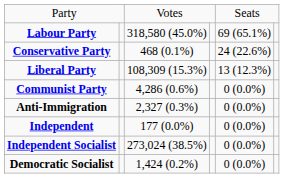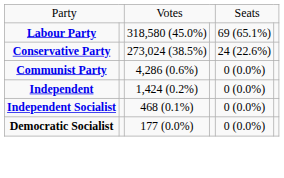 <table class=wikitable style="text-align:center;">
 <tr>
 <td colspan=2>Party</td>
 <td colspan=2>Votes</td>
 <td colspan=2>Seats</td>
 </tr>
 <tr>
 <td><strong><a href='#'>Labour Party</a></strong></td>
 <td style="background:"></td>
 <td>318,580 (45.0%)</td>
 <td></td>
 <td>69 (65.1%)</td>
 <td></td>
 </tr>
 <tr>
 <td><strong><a href='#'>Conservative Party</a></strong></td>
 <td style="background:"></td>
-<td>468 (0.1%)</td>
+<td>273,024 (38.5%)</td>
 <td></td>
 <td>24 (22.6%)</td>
-<td></td>
-</tr>
-<tr>
-<td><strong><a href='#'>Liberal Party</a></strong></td>
-<td style="background:"></td>
-<td>108,309 (15.3%)</td>
-<td></td>
-<td>13 (12.3%)</td>
 <td></td>
 </tr>
 <tr>
 <td><strong><a href='#'>Communist Party</a></strong></td>
 <td style="background:"></td>
 <td>4,286 (0.6%)</td>
 <td></td>
 <td>0 (0.0%)</td>
 <td></td>
 </tr>
 <tr>
-<td><strong>Anti-Immigration</strong></td>
-<td style="background:"></td>
-<td>2,327 (0.3%)</td>
-<td></td>
-<td>0 (0.0%)</td>
-<td></td>
-</tr>
-<tr>
 <td><strong><a href='#'>Independent</a></strong></td>
 <td style="background:"></td>
-<td>177 (0.0%)</td>
+<td>1,424 (0.2%)</td>
 <td></td>
 <td>0 (0.0%)</td>
 <td></td>
 </tr>
 <tr>
 <td><strong><a href='#'>Independent Socialist</a></strong></td>
 <td style="background:"></td>
-<td>273,024 (38.5%)</td>
+<td>468 (0.1%)</td>
 <td></td>
 <td>0 (0.0%)</td>
 <td></td>
 </tr>
 <tr>
 <td><strong>Democratic Socialist</strong></td>
 <td style="background:"></td>
-<td>1,424 (0.2%)</td>
+<td>177 (0.0%)</td>
 <td></td>
 <td>0 (0.0%)</td>
 <td></td>
 </tr>
 </table>
